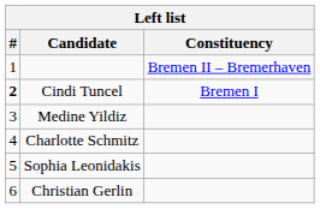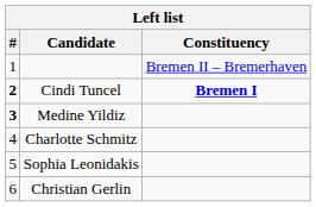 <table class="wikitable mw-collapsible mw-collapsed" style="text-align:center">
 <tr>
 <th colspan=3>Left list</th>
 </tr>
 <tr>
 <th>#</th>
 <th>Candidate</th>
 <th>Constituency</th>
 </tr>
 <tr>
 <td>1</td>
 <td></td>
 <td><a href='#'>Bremen II – Bremerhaven</a></td>
 </tr>
 <tr>
 <td><strong>2</strong></td>
 <td>Cindi Tuncel</td>
-<td><a href='#'>Bremen I</a></td>
+<td><strong><a href='#'>Bremen I</a></strong></td>
 </tr>
 <tr>
-<td>3</td>
+<td><strong>3</strong></td>
 <td>Medine Yildiz</td>
 <td></td>
 </tr>
 <tr>
 <td>4</td>
 <td>Charlotte Schmitz</td>
 <td></td>
 </tr>
 <tr>
 <td>5</td>
 <td>Sophia Leonidakis</td>
 <td></td>
 </tr>
 <tr>
 <td>6</td>
 <td>Christian Gerlin</td>
 <td></td>
 </tr>
 </table>
